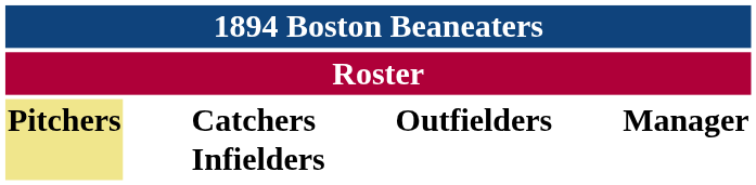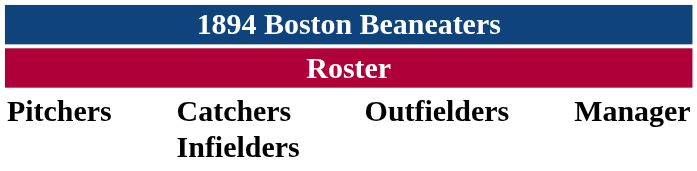 <table class="toccolours" style="font-size: 95%;">
 <tr>
 <th colspan="10" style="background-color: #0f437c; color: white; text-align: center;">1894 Boston Beaneaters</th>
 </tr>
 <tr>
 <td colspan="10" style="background-color: #af0039; color: white; text-align: center;"><strong>Roster</strong></td>
 </tr>
 <tr>
-<td valign="top" style="background: khaki;"><strong>Pitchers</strong><br>         </td>
+<td valign="top"><strong>Pitchers</strong><br>         </td>
 <td width="25px"></td>
 <td valign="top"><strong>Catchers</strong><br>    <strong>Infielders</strong>     </td>
 <td width="25px"></td>
 <td valign="top"><strong>Outfielders</strong><br>  </td>
 <td width="25px"></td>
 <td valign="top"><strong>Manager</strong><br></td>
 </tr>
 </table>
